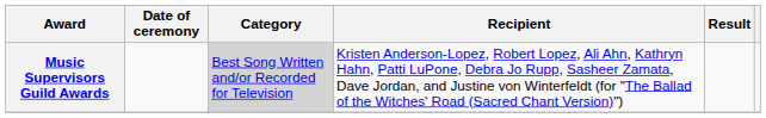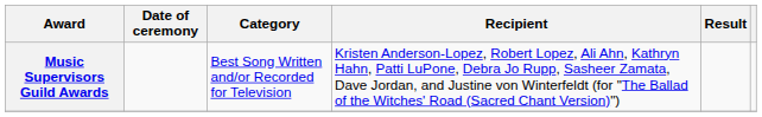 <table class="wikitable sortable plainrowheaders col6center">
 <tr>
 <th scope="col">Award</th>
 <th scope="col">Date of ceremony</th>
 <th scope="col">Category</th>
 <th scope="col">Recipient</th>
 <th scope="col">Result</th>
 <th scope="col" class="unsortable"></th>
 </tr>
 <tr>
 <th scope="row"><a href='#'>Music Supervisors Guild Awards</a></th>
 <td></td>
-<td style="background: lightgrey;"><a href='#'>Best Song Written and/or Recorded for Television</a></td>
+<td><a href='#'>Best Song Written and/or Recorded for Television</a></td>
 <td><a href='#'>Kristen Anderson-Lopez</a>, <a href='#'>Robert Lopez</a>, <a href='#'>Ali Ahn</a>, <a href='#'>Kathryn Hahn</a>, <a href='#'>Patti LuPone</a>, <a href='#'>Debra Jo Rupp</a>, <a href='#'>Sasheer Zamata</a>, Dave Jordan, and Justine von Winterfeldt (for "<a href='#'>The Ballad of the Witches' Road (Sacred Chant Version)</a>")</td>
 <td></td>
 <td></td>
 </tr>
 <tr>
 </tr>
 </table>
